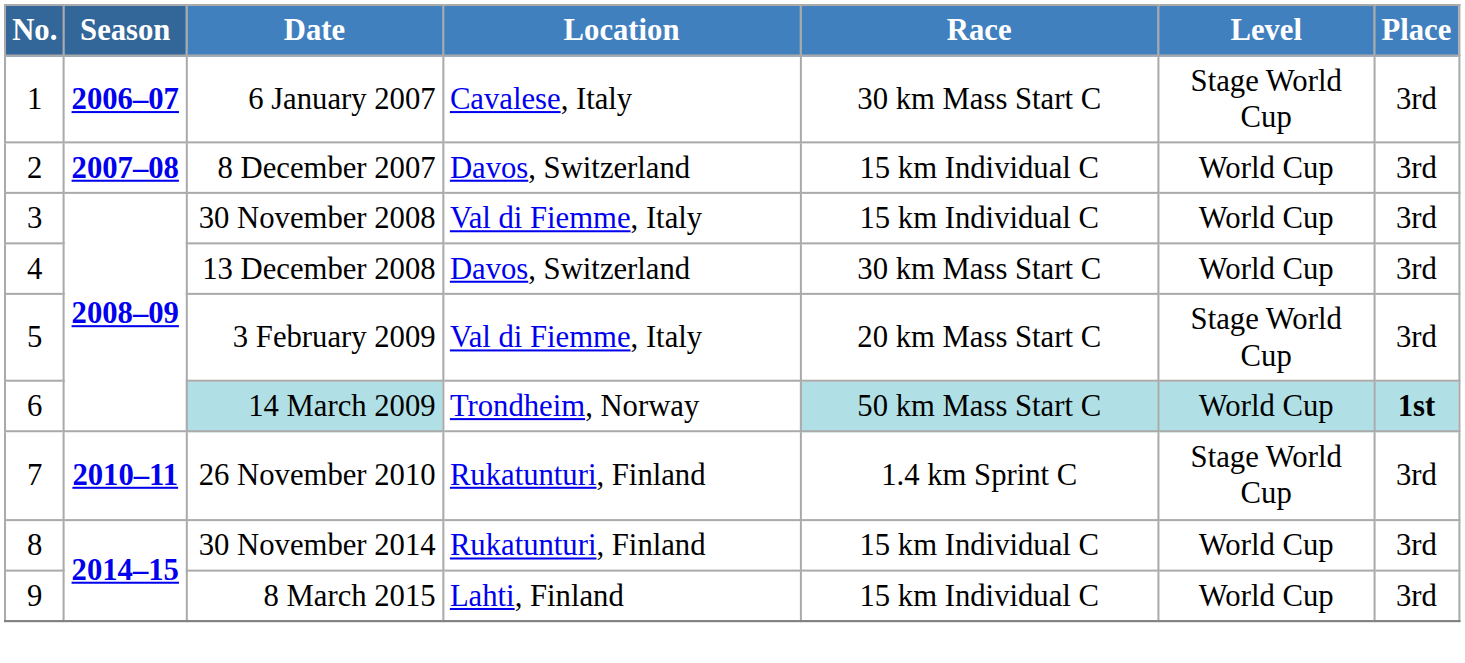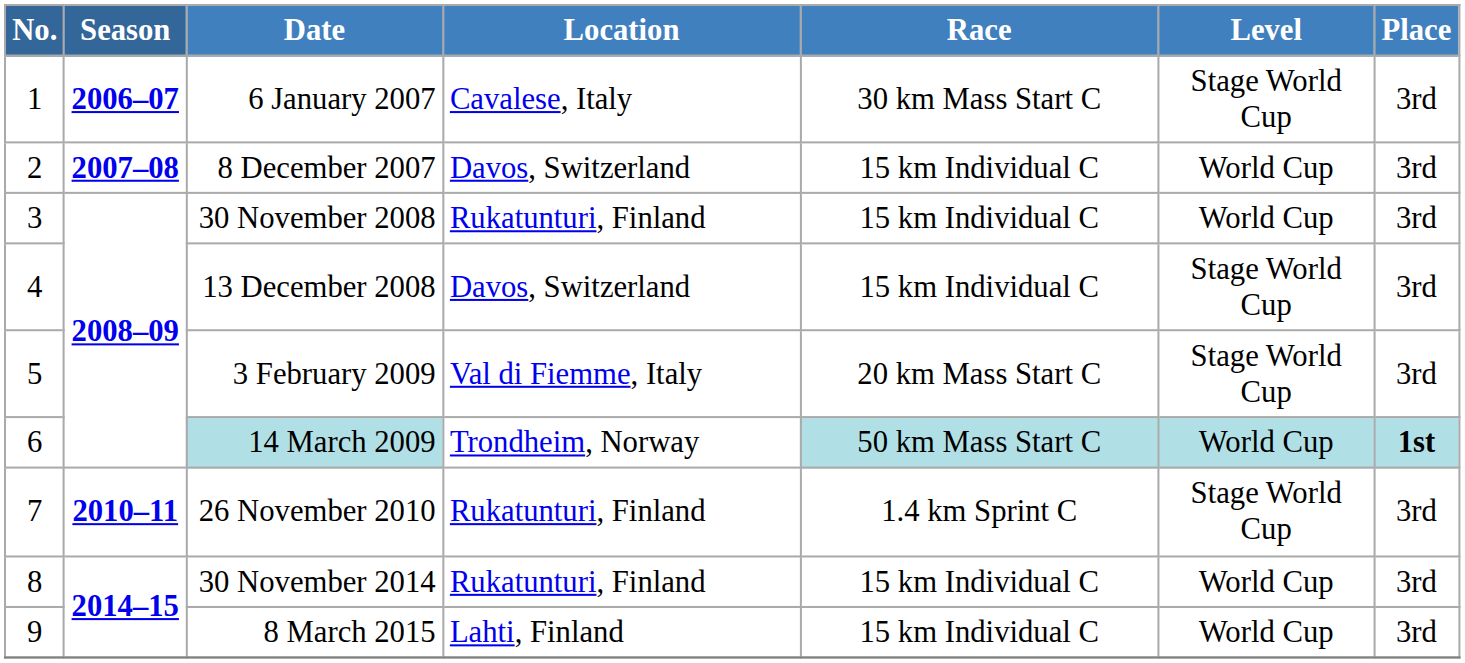 <table class="wikitable sortable" style="font-size:95%; text-align:center; border:grey solid 1px; border-collapse:collapse; background:#ffffff;">
 <tr style="background:#efefef;">
 <th style="background-color:#369; color:white;">No.</th>
 <th style="background-color:#369; color:white;">Season</th>
 <th style="background-color:#4180be; color:white; width:120px;">Date</th>
 <th style="background-color:#4180be; color:white; width:170px;">Location</th>
 <th style="background-color:#4180be; color:white; width:170px;">Race</th>
 <th style="background-color:#4180be; color:white; width:100px;">Level</th>
 <th style="background-color:#4180be; color:white;">Place</th>
 </tr>
 <tr>
 <td align=center>1</td>
 <td rowspan=1 align=center><strong><a href='#'>2006–07</a></strong></td>
 <td align=right>6 January 2007</td>
 <td align=left> <a href='#'>Cavalese</a>, Italy</td>
 <td>30 km Mass Start C</td>
 <td>Stage World Cup</td>
 <td>3rd</td>
 </tr>
 <tr>
 <td align=center>2</td>
 <td rowspan=1 align=center><strong><a href='#'>2007–08</a></strong></td>
 <td align=right>8 December 2007</td>
 <td align=left> <a href='#'>Davos</a>, Switzerland</td>
 <td>15 km Individual C</td>
 <td>World Cup</td>
 <td>3rd</td>
 </tr>
 <tr>
 <td align=center>3</td>
 <td rowspan=4 align=center><strong><a href='#'>2008–09</a></strong></td>
 <td align=right>30 November 2008</td>
-<td align=left> <a href='#'>Val di Fiemme</a>, Italy</td>
+<td align=left> <a href='#'>Rukatunturi</a>, Finland</td>
 <td>15 km Individual C</td>
 <td>World Cup</td>
 <td>3rd</td>
 </tr>
 <tr>
 <td align=center>4</td>
 <td align=right>13 December 2008</td>
 <td align=left> <a href='#'>Davos</a>, Switzerland</td>
-<td>30 km Mass Start C</td>
-<td>World Cup</td>
+<td>15 km Individual C</td>
+<td>Stage World Cup</td>
 <td>3rd</td>
 </tr>
 <tr>
 <td align=center>5</td>
 <td align=right>3 February 2009</td>
 <td align=left> <a href='#'>Val di Fiemme</a>, Italy</td>
 <td>20 km Mass Start C</td>
 <td>Stage World Cup</td>
 <td>3rd</td>
 </tr>
 <tr>
 <td align=center>6</td>
 <td bgcolor="#BOEOE6" align=right>14 March 2009</td>
 <td align=left> <a href='#'>Trondheim</a>, Norway</td>
 <td bgcolor="#BOEOE6">50 km Mass Start C</td>
 <td bgcolor="#BOEOE6">World Cup</td>
 <td bgcolor="#BOEOE6"><strong>1st</strong></td>
 </tr>
 <tr>
 <td align=center>7</td>
 <td rowspan=1 align=center><strong><a href='#'>2010–11</a></strong></td>
 <td align=right>26 November 2010</td>
 <td align=left> <a href='#'>Rukatunturi</a>, Finland</td>
 <td>1.4 km Sprint C</td>
 <td>Stage World Cup</td>
 <td>3rd</td>
 </tr>
 <tr>
 <td align=center>8</td>
 <td rowspan=2 align=center><strong><a href='#'>2014–15</a></strong></td>
 <td align=right>30 November 2014</td>
 <td align=left> <a href='#'>Rukatunturi</a>, Finland</td>
 <td>15 km Individual C</td>
 <td>World Cup</td>
 <td>3rd</td>
 </tr>
 <tr>
 <td align=center>9</td>
 <td align=right>8 March 2015</td>
 <td align=left> <a href='#'>Lahti</a>, Finland</td>
 <td>15 km Individual C</td>
 <td>World Cup</td>
 <td>3rd</td>
 </tr>
 <tr>
 </tr>
 </table>
